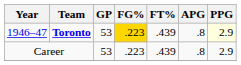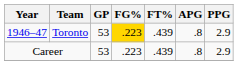 <table class="wikitable sortable" style="font-size:95%; text-align:right;">
 <tr>
 <th>Year</th>
 <th>Team</th>
 <th>GP</th>
 <th>FG%</th>
 <th>FT%</th>
 <th>APG</th>
 <th>PPG</th>
 </tr>
 <tr>
 <td style="text-align:left;"><a href='#'>1946–47</a></td>
-<td style="text-align:left;"><strong><a href='#'>Toronto</a></strong></td>
+<td style="text-align:left;"><a href='#'>Toronto</a></td>
 <td>53</td>
 <td style="background: gold;">.223</td>
 <td>.439</td>
 <td>.8</td>
-<td style="background: lightyellow;">2.9</td>
+<td>2.9</td>
 </tr>
 <tr>
 <td style="text-align:center;" colspan="2">Career</td>
 <td>53</td>
 <td>.223</td>
 <td>.439</td>
 <td>.8</td>
 <td>2.9</td>
 </tr>
 <tr>
 </tr>
 </table>
